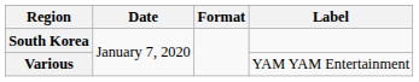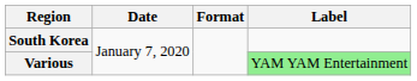 <table class="wikitable plainrowheaders">
 <tr>
 <th>Region</th>
 <th>Date</th>
 <th>Format</th>
 <th>Label</th>
 </tr>
 <tr>
 <th scope="row">South Korea</th>
 <td rowspan="2">January 7, 2020</td>
 <td rowspan="2"></td>
 <td></td>
 </tr>
 <tr>
 <th scope="row">Various</th>
-<td>YAM YAM Entertainment</td>
+<td style="background: lightgreen;">YAM YAM Entertainment</td>
 </tr>
 </table>
